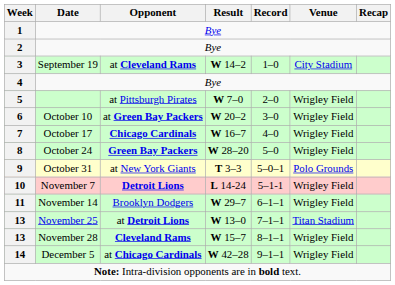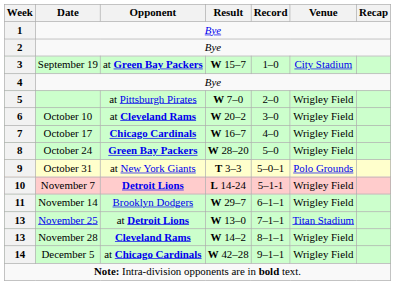 <table class="wikitable" style="text-align:center">
 <tr>
 <th>Week</th>
 <th>Date</th>
 <th>Opponent</th>
 <th>Result</th>
 <th>Record</th>
 <th>Venue</th>
 <th>Recap</th>
 </tr>
 <tr>
 <th>1</th>
 <td colspan="6"><em><a href='#'>Bye</a></em></td>
 </tr>
 <tr>
 <th>2</th>
 <td colspan="6"><em>Bye</em></td>
 </tr>
 <tr style="background:#cfc">
 <th>3</th>
 <td>September 19</td>
-<td>at <strong><a href='#'>Cleveland Rams</a></strong></td>
-<td><strong>W</strong> 14–2</td>
+<td>at <strong><a href='#'>Green Bay Packers</a></strong></td>
+<td><strong>W</strong> 15–7</td>
 <td>1–0</td>
 <td><a href='#'>City Stadium</a></td>
 <td></td>
 </tr>
 <tr>
 <th>4</th>
 <td colspan="6"><em>Bye</em></td>
 </tr>
 <tr style="background:#cfc">
 <th>5</th>
 <td></td>
 <td>at <a href='#'>Pittsburgh Pirates</a></td>
 <td><strong>W</strong> 7–0</td>
 <td>2–0</td>
 <td>Wrigley Field</td>
 <td></td>
 </tr>
 <tr style="background:#cfc">
 <th>6</th>
 <td>October 10</td>
-<td>at <strong><a href='#'>Green Bay Packers</a></strong></td>
+<td>at <strong><a href='#'>Cleveland Rams</a></strong></td>
 <td><strong>W</strong> 20–2</td>
 <td>3–0</td>
 <td>Wrigley Field</td>
 <td></td>
 </tr>
 <tr style="background:#cfc">
 <th>7</th>
 <td>October 17</td>
 <td><strong><a href='#'>Chicago Cardinals</a></strong></td>
 <td><strong>W</strong> 16–7</td>
 <td>4–0</td>
 <td>Wrigley Field</td>
 <td></td>
 </tr>
 <tr style="background:#cfc">
 <th>8</th>
 <td>October 24</td>
 <td><strong><a href='#'>Green Bay Packers</a></strong></td>
 <td><strong>W</strong> 28–20</td>
 <td>5–0</td>
 <td>Wrigley Field</td>
 <td></td>
 </tr>
 <tr style="background:#ffc">
 <th>9</th>
 <td>October 31</td>
 <td>at <a href='#'>New York Giants</a></td>
 <td><strong>T</strong> 3–3</td>
 <td>5–0–1</td>
 <td><a href='#'>Polo Grounds</a></td>
 <td></td>
 </tr>
 <tr style="background:#fcc">
 <th>10</th>
 <td>November 7</td>
 <td><strong><a href='#'>Detroit Lions</a></strong></td>
 <td><strong>L</strong> 14-24</td>
 <td>5–1-1</td>
 <td>Wrigley Field</td>
 <td></td>
 </tr>
 <tr style="background:#cfc">
 <th>11</th>
 <td>November 14</td>
 <td><a href='#'>Brooklyn Dodgers</a></td>
 <td><strong>W</strong> 29–7</td>
 <td>6–1–1</td>
 <td>Wrigley Field</td>
 <td></td>
 </tr>
 <tr style="background:#cfc">
 <th>13</th>
 <td><a href='#'>November 25</a></td>
 <td>at <strong><a href='#'>Detroit Lions</a></strong></td>
 <td><strong>W</strong> 13–0</td>
 <td>7–1–1</td>
 <td><a href='#'>Titan Stadium</a></td>
 <td></td>
 </tr>
 <tr style="background:#cfc">
 <th>13</th>
 <td>November 28</td>
 <td><strong><a href='#'>Cleveland Rams</a></strong></td>
-<td><strong>W</strong> 15–7</td>
+<td><strong>W</strong> 14–2</td>
 <td>8–1–1</td>
 <td>Wrigley Field</td>
 <td></td>
 </tr>
 <tr style="background:#cfc">
 <th>14</th>
 <td>December 5</td>
 <td>at <strong><a href='#'>Chicago Cardinals</a></strong></td>
 <td><strong>W</strong> 42–28</td>
 <td>9–1–1</td>
 <td>Wrigley Field</td>
 <td></td>
 </tr>
 <tr>
 <td colspan="8"><strong>Note:</strong> Intra-division opponents are in <strong>bold</strong> text.</td>
 </tr>
 </table>
